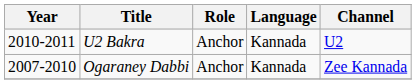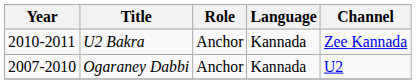 <table class="wikitable">
 <tr style="background:#ccc; text-align:center;">
 <th>Year</th>
 <th>Title</th>
 <th>Role</th>
 <th>Language</th>
 <th>Channel</th>
 </tr>
 <tr>
 <td>2010-2011</td>
 <td><em>U2 Bakra</em></td>
 <td>Anchor</td>
 <td>Kannada</td>
-<td><a href='#'>U2</a></td>
+<td><a href='#'>Zee Kannada</a></td>
 </tr>
 <tr>
 <td>2007-2010</td>
 <td><em>Ogaraney Dabbi</em></td>
 <td>Anchor</td>
 <td>Kannada</td>
-<td><a href='#'>Zee Kannada</a></td>
+<td><a href='#'>U2</a></td>
 </tr>
 <tr>
 </tr>
 </table>
